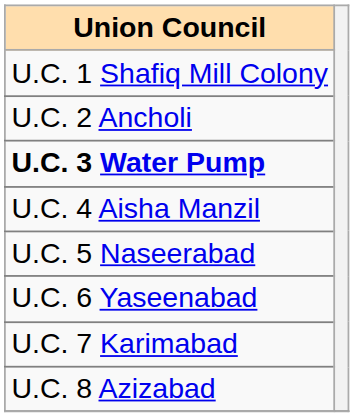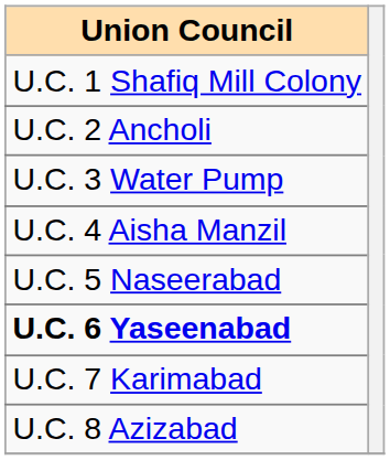 <table class="sortable wikitable" align="left">
 <tr>
 <th style="background:#ffdead;"><strong>Union Council</strong></th>
 <th rowspan=9 style="border-bottom:1px solid grey;" valign="top" class="unsortable"><br><br></th>
 </tr>
 <tr>
 <td style="border-bottom:1px solid grey;">U.C. 1 <a href='#'>Shafiq Mill Colony</a></td>
 </tr>
 <tr>
 <td style="border-bottom:1px solid grey;">U.C. 2 <a href='#'>Ancholi</a></td>
 </tr>
 <tr>
-<td style="border-bottom:1px solid grey;"><strong>U.C. 3 <a href='#'>Water Pump</a></strong></td>
+<td style="border-bottom:1px solid grey;">U.C. 3 <a href='#'>Water Pump</a></td>
 </tr>
 <tr>
 <td style="border-bottom:1px solid grey;">U.C. 4 <a href='#'>Aisha Manzil</a></td>
 </tr>
 <tr>
 <td style="border-bottom:1px solid grey;">U.C. 5 <a href='#'>Naseerabad</a></td>
 </tr>
 <tr>
-<td style="border-bottom:1px solid grey;">U.C. 6 <a href='#'>Yaseenabad</a></td>
+<td style="border-bottom:1px solid grey;"><strong>U.C. 6 <a href='#'>Yaseenabad</a></strong></td>
 </tr>
 <tr>
 <td style="border-bottom:1px solid grey;">U.C. 7 <a href='#'>Karimabad</a></td>
 </tr>
 <tr>
 <td style="border-bottom:1px solid grey;">U.C. 8 <a href='#'>Azizabad</a></td>
 </tr>
 <tr>
 </tr>
 </table>
